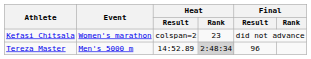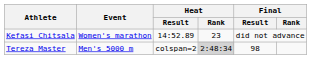 <table class="wikitable" style="font-size:90%">
 <tr>
 <th rowspan="2">Athlete</th>
 <th rowspan="2">Event</th>
 <th colspan="2">Heat</th>
 <th colspan="2">Final</th>
 </tr>
 <tr style="font-size:95%">
 <th>Result</th>
 <th>Rank</th>
 <th>Result</th>
 <th>Rank</th>
 </tr>
 <tr align=center>
 <td align=left><a href='#'>Kefasi Chitsala</a></td>
 <td align=left><a href='#'>Women's marathon</a></td>
-<td>colspan=2 </td>
+<td>14:52.89</td>
 <td>23</td>
 <td colspan=2>did not advance</td>
 </tr>
 <tr align=center>
 <td align=left><a href='#'>Tereza Master</a></td>
 <td align=left><a href='#'>Men's 5000 m</a></td>
-<td>14:52.89</td>
+<td>colspan=2 </td>
 <td style="background: lightgrey;">2:48:34</td>
-<td>96</td>
+<td>98</td>
 </tr>
 </table>
